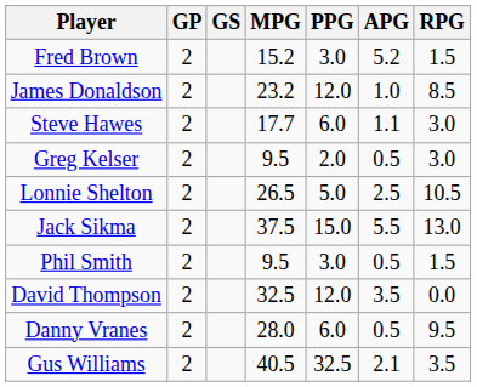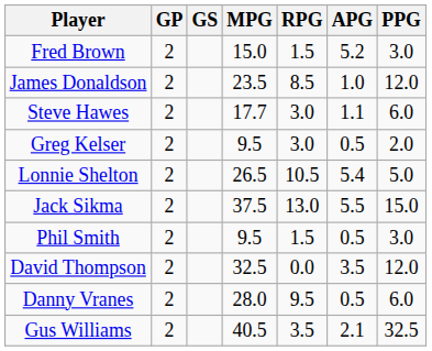 <table class="wikitable">
 <tr>
 <th>Player</th>
 <th>GP</th>
 <th>GS</th>
 <th>MPG</th>
+<th>RPG</th>
+<th>APG</th>
 <th>PPG</th>
-<th>APG</th>
-<th>RPG</th>
 </tr>
 <tr style="text-align: center">
 <td><a href='#'>Fred Brown</a></td>
 <td>2</td>
 <td></td>
-<td>15.2</td>
+<td>15.0</td>
+<td>1.5</td>
+<td>5.2</td>
 <td>3.0</td>
-<td>5.2</td>
-<td>1.5</td>
 </tr>
 <tr style="text-align: center">
 <td><a href='#'>James Donaldson</a></td>
 <td>2</td>
 <td></td>
-<td>23.2</td>
+<td>23.5</td>
+<td>8.5</td>
+<td>1.0</td>
 <td>12.0</td>
-<td>1.0</td>
-<td>8.5</td>
 </tr>
 <tr style="text-align: center">
 <td><a href='#'>Steve Hawes</a></td>
 <td>2</td>
 <td></td>
 <td>17.7</td>
+<td>3.0</td>
+<td>1.1</td>
 <td>6.0</td>
-<td>1.1</td>
-<td>3.0</td>
 </tr>
 <tr style="text-align: center">
 <td><a href='#'>Greg Kelser</a></td>
 <td>2</td>
 <td></td>
 <td>9.5</td>
+<td>3.0</td>
+<td>0.5</td>
 <td>2.0</td>
-<td>0.5</td>
-<td>3.0</td>
 </tr>
 <tr style="text-align: center">
 <td><a href='#'>Lonnie Shelton</a></td>
 <td>2</td>
 <td></td>
 <td>26.5</td>
+<td>10.5</td>
+<td>5.4</td>
 <td>5.0</td>
-<td>2.5</td>
-<td>10.5</td>
 </tr>
 <tr style="text-align: center">
 <td><a href='#'>Jack Sikma</a></td>
 <td>2</td>
 <td></td>
 <td>37.5</td>
+<td>13.0</td>
+<td>5.5</td>
 <td>15.0</td>
-<td>5.5</td>
-<td>13.0</td>
 </tr>
 <tr style="text-align: center">
 <td><a href='#'>Phil Smith</a></td>
 <td>2</td>
 <td></td>
 <td>9.5</td>
+<td>1.5</td>
+<td>0.5</td>
 <td>3.0</td>
-<td>0.5</td>
-<td>1.5</td>
 </tr>
 <tr style="text-align: center">
 <td><a href='#'>David Thompson</a></td>
 <td>2</td>
 <td></td>
 <td>32.5</td>
+<td>0.0</td>
+<td>3.5</td>
 <td>12.0</td>
-<td>3.5</td>
-<td>0.0</td>
 </tr>
 <tr style="text-align: center">
 <td><a href='#'>Danny Vranes</a></td>
 <td>2</td>
 <td></td>
 <td>28.0</td>
+<td>9.5</td>
+<td>0.5</td>
 <td>6.0</td>
-<td>0.5</td>
-<td>9.5</td>
 </tr>
 <tr style="text-align: center">
 <td><a href='#'>Gus Williams</a></td>
 <td>2</td>
 <td></td>
 <td>40.5</td>
+<td>3.5</td>
+<td>2.1</td>
 <td>32.5</td>
-<td>2.1</td>
-<td>3.5</td>
 </tr>
 </table>
